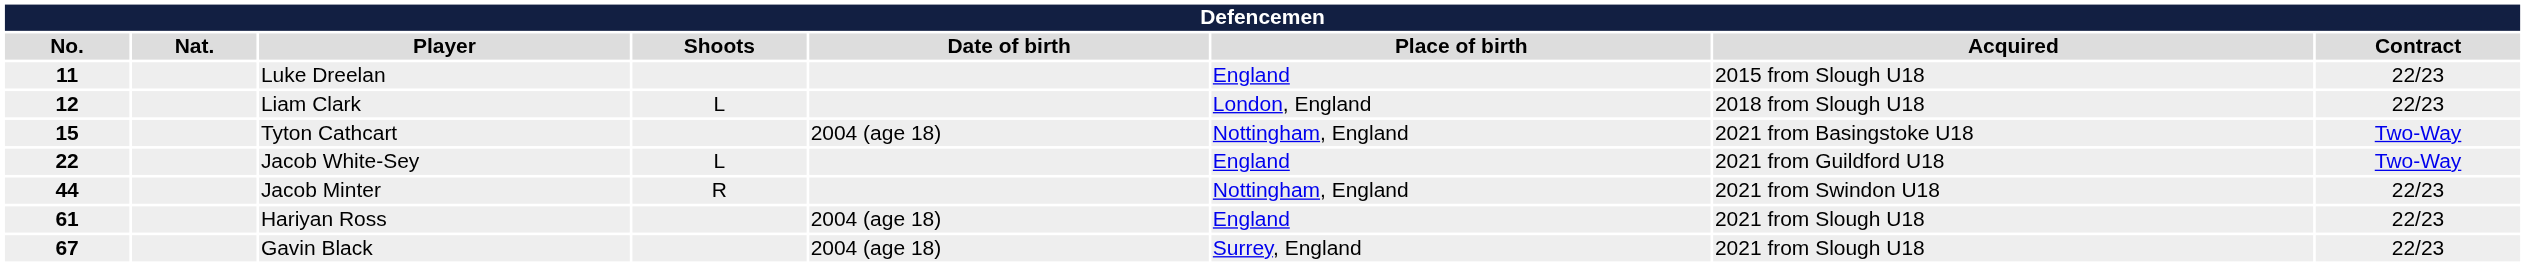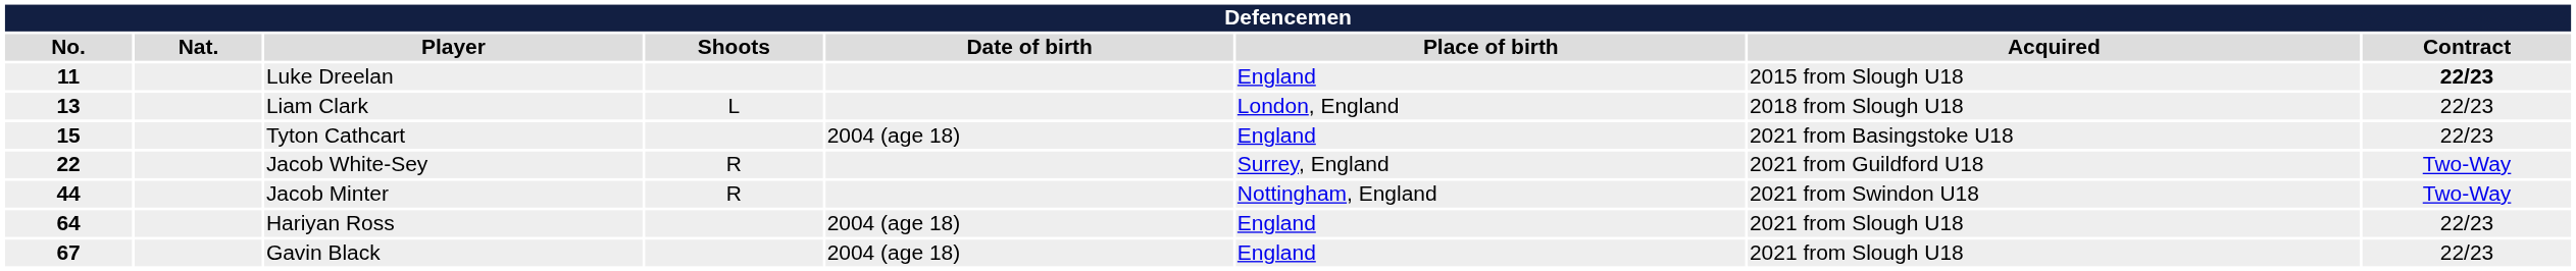 <table class="toccolours"  style="width:97%; clear:both; margin:1.5em auto; text-align:center;">
 <tr style="background:#ddd;">
 <th colspan="11" style="background:#121f42; color:white;”">Defencemen</th>
 </tr>
 <tr style="background:#ddd;">
 <th width=5%>No.</th>
 <th width=5%>Nat.</th>
 <th !width=22%>Player</th>
 <th width=7%>Shoots</th>
 <th width=16%>Date of birth</th>
 <th width=20%>Place of birth</th>
 <th width=24%>Acquired</th>
 <td><strong>Contract</strong></td>
 </tr>
 <tr style="background:#eee;">
 <td><strong>11</strong></td>
 <td></td>
 <td align=left>Luke Dreelan</td>
 <td></td>
 <td align=left></td>
 <td align=left><a href='#'>England</a></td>
 <td align=left>2015 from Slough U18</td>
-<td>22/23</td>
+<td><strong>22/23</strong></td>
 </tr>
 <tr style="background:#eee;">
-<td><strong>12</strong></td>
+<td><strong>13</strong></td>
 <td></td>
 <td align=left>Liam Clark</td>
 <td>L</td>
 <td align=left></td>
 <td align=left><a href='#'>London</a>, England</td>
 <td align=left>2018 from Slough U18</td>
 <td>22/23</td>
 </tr>
 <tr style="background:#eee;">
 <td><strong>15</strong></td>
 <td></td>
 <td align=left>Tyton Cathcart</td>
 <td></td>
 <td align=left>2004 (age 18)</td>
-<td align=left><a href='#'>Nottingham</a>, England</td>
+<td align=left><a href='#'>England</a></td>
 <td align=left>2021 from Basingstoke U18</td>
-<td><a href='#'>Two-Way</a></td>
+<td>22/23</td>
 </tr>
 <tr style="background:#eee;">
 <td><strong>22</strong></td>
 <td></td>
 <td align=left>Jacob White-Sey</td>
-<td>L</td>
+<td>R</td>
 <td align=left></td>
-<td align=left><a href='#'>England</a></td>
+<td align=left><a href='#'>Surrey</a>, England</td>
 <td align=left>2021 from Guildford U18</td>
 <td><a href='#'>Two-Way</a></td>
 </tr>
 <tr style="background:#eee;">
 <td><strong>44</strong></td>
 <td></td>
 <td align=left>Jacob Minter</td>
 <td>R</td>
 <td align=left></td>
 <td align=left><a href='#'>Nottingham</a>, England</td>
 <td align=left>2021 from Swindon U18</td>
-<td>22/23</td>
+<td><a href='#'>Two-Way</a></td>
 </tr>
 <tr style="background:#eee;">
-<td><strong>61</strong></td>
+<td><strong>64</strong></td>
 <td></td>
 <td align=left>Hariyan Ross</td>
 <td></td>
 <td align=left>2004 (age 18)</td>
 <td align=left><a href='#'>England</a></td>
 <td align=left>2021 from Slough U18</td>
 <td>22/23</td>
 </tr>
 <tr style="background:#eee;">
 <td><strong>67</strong></td>
 <td></td>
 <td align=left>Gavin Black</td>
 <td></td>
 <td align=left>2004 (age 18)</td>
-<td align=left><a href='#'>Surrey</a>, England</td>
+<td align=left><a href='#'>England</a></td>
 <td align=left>2021 from Slough U18</td>
 <td>22/23</td>
 </tr>
 </table>
